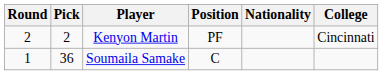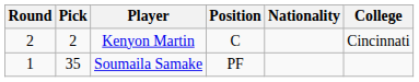 <table class="wikitable sortable sortable">
 <tr>
 <th>Round</th>
 <th>Pick</th>
 <th>Player</th>
 <th>Position</th>
 <th>Nationality</th>
 <th>College</th>
 </tr>
 <tr style="text-align: center">
 <td>2</td>
 <td>2</td>
 <td><a href='#'>Kenyon Martin</a></td>
-<td>PF</td>
+<td>C</td>
 <td></td>
 <td>Cincinnati</td>
 </tr>
 <tr style="text-align: center">
 <td>1</td>
-<td>36</td>
+<td>35</td>
 <td><a href='#'>Soumaila Samake</a></td>
-<td>C</td>
+<td>PF</td>
 <td></td>
 <td></td>
 </tr>
 </table>
